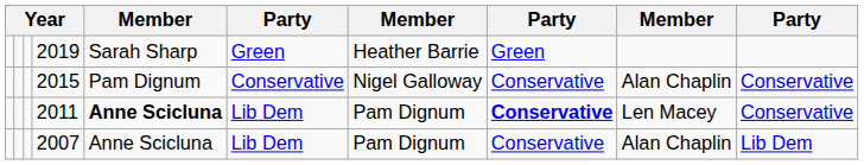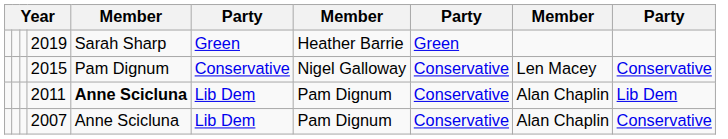 <table class="wikitable">
 <tr>
 <th colspan="4">Year</th>
 <th>Member</th>
 <th>Party</th>
 <th>Member</th>
 <th>Party</th>
 <th>Member</th>
 <th>Party</th>
 </tr>
 <tr>
 <td style="background-color: "></td>
 <td style="background-color: "></td>
 <td></td>
 <td>2019</td>
 <td>Sarah Sharp</td>
 <td><a href='#'>Green</a></td>
 <td>Heather Barrie</td>
 <td><a href='#'>Green</a></td>
 <td></td>
 <td></td>
 </tr>
 <tr>
 <td style="background-color: "></td>
 <td style="background-color: "></td>
 <td style="background-color: "></td>
 <td>2015</td>
 <td>Pam Dignum</td>
 <td><a href='#'>Conservative</a></td>
 <td>Nigel Galloway</td>
 <td><a href='#'>Conservative</a></td>
-<td>Alan Chaplin</td>
+<td>Len Macey</td>
 <td><a href='#'>Conservative</a></td>
 </tr>
 <tr>
 <td style="background-color: "></td>
 <td style="background-color: "></td>
 <td style="background-color: "></td>
 <td>2011</td>
 <td><strong>Anne Scicluna</strong></td>
 <td><a href='#'>Lib Dem</a></td>
 <td>Pam Dignum</td>
-<td><strong><a href='#'>Conservative</a></strong></td>
-<td>Len Macey</td>
 <td><a href='#'>Conservative</a></td>
+<td>Alan Chaplin</td>
+<td><a href='#'>Lib Dem</a></td>
 </tr>
 <tr>
 <td style="background-color: "></td>
 <td style="background-color: "></td>
 <td style="background-color: "></td>
 <td>2007</td>
 <td>Anne Scicluna</td>
 <td><a href='#'>Lib Dem</a></td>
 <td>Pam Dignum</td>
 <td><a href='#'>Conservative</a></td>
 <td>Alan Chaplin</td>
-<td><a href='#'>Lib Dem</a></td>
+<td><a href='#'>Conservative</a></td>
 </tr>
 </table>
